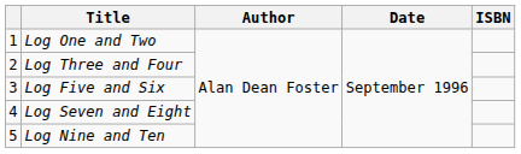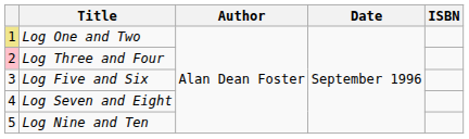 <table class="wikitable">
 <tr>
 <th></th>
 <th>Title</th>
 <th>Author</th>
 <th>Date</th>
 <th>ISBN</th>
 </tr>
 <tr>
-<td>1</td>
+<td style="background: khaki;">1</td>
 <td><em>Log One and Two</em></td>
 <td rowspan="5">Alan Dean Foster</td>
 <td rowspan="5">September 1996</td>
 <td></td>
 </tr>
 <tr>
-<td>2</td>
+<td style="background: pink;">2</td>
 <td><em>Log Three and Four</em></td>
 <td></td>
 </tr>
 <tr>
 <td>3</td>
 <td><em>Log Five and Six</em></td>
 <td></td>
 </tr>
 <tr>
 <td>4</td>
 <td><em>Log Seven and Eight</em></td>
 <td></td>
 </tr>
 <tr>
 <td>5</td>
 <td><em>Log Nine and Ten</em></td>
 <td></td>
 </tr>
 </table>
